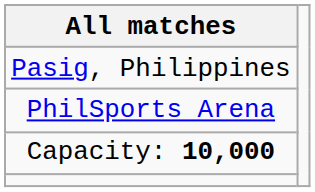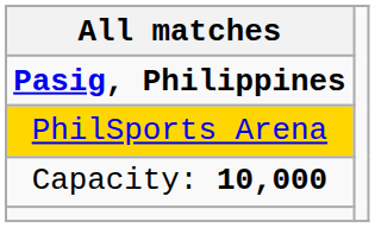 <table class="wikitable" style="text-align:center">
 <tr>
 <th>All matches</th>
 <td rowspan="5"></td>
 </tr>
 <tr>
-<td><a href='#'>Pasig</a>, Philippines</td>
+<td><strong><a href='#'>Pasig</a>, Philippines</strong></td>
 </tr>
 <tr>
-<td><a href='#'>PhilSports Arena</a></td>
+<td style="background: gold;"><a href='#'>PhilSports Arena</a></td>
 </tr>
 <tr>
 <td>Capacity: <strong>10,000</strong></td>
 </tr>
 <tr>
 <td></td>
 </tr>
 </table>
